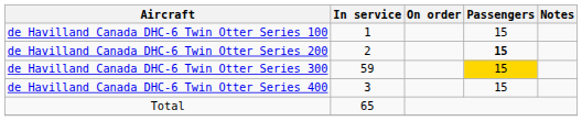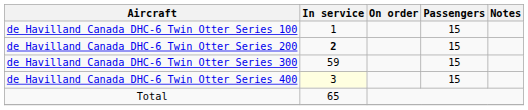 <table class="wikitable" style="text-align:center;">
 <tr>
 <th>Aircraft</th>
 <th>In service</th>
 <th>On order</th>
 <th>Passengers</th>
 <th>Notes</th>
 </tr>
 <tr>
 <td><a href='#'>de Havilland Canada DHC-6 Twin Otter Series 100</a></td>
 <td>1</td>
 <td></td>
 <td>15</td>
 <td></td>
 </tr>
 <tr>
 <td><a href='#'>de Havilland Canada DHC-6 Twin Otter Series 200</a></td>
-<td>2</td>
+<td><strong>2</strong></td>
 <td></td>
-<td><strong>15</strong></td>
+<td>15</td>
 <td></td>
 </tr>
 <tr>
 <td><a href='#'>de Havilland Canada DHC-6 Twin Otter Series 300</a></td>
 <td>59</td>
 <td></td>
-<td style="background: gold;">15</td>
+<td>15</td>
 <td></td>
 </tr>
 <tr>
 <td><a href='#'>de Havilland Canada DHC-6 Twin Otter Series 400</a></td>
-<td>3</td>
+<td style="background: lightyellow;">3</td>
 <td></td>
 <td>15</td>
 <td></td>
 </tr>
 <tr>
 <td>Total</td>
 <td>65</td>
 <td colspan="3"></td>
 </tr>
 <tr>
 </tr>
 </table>
